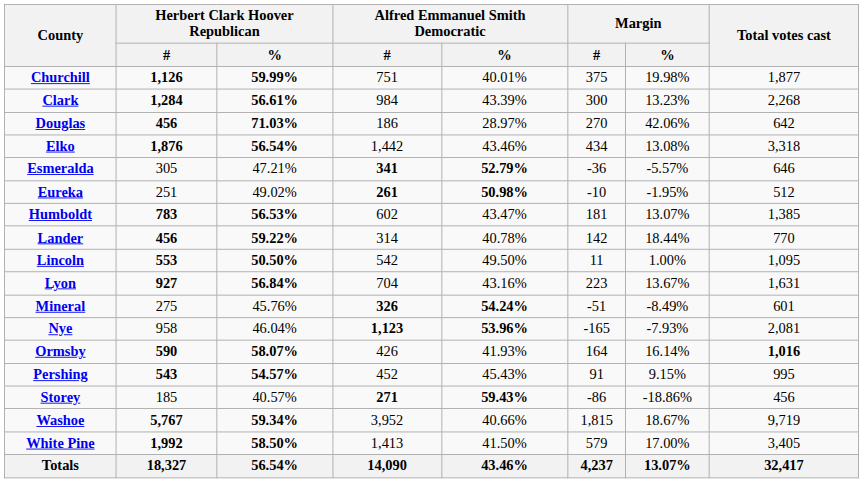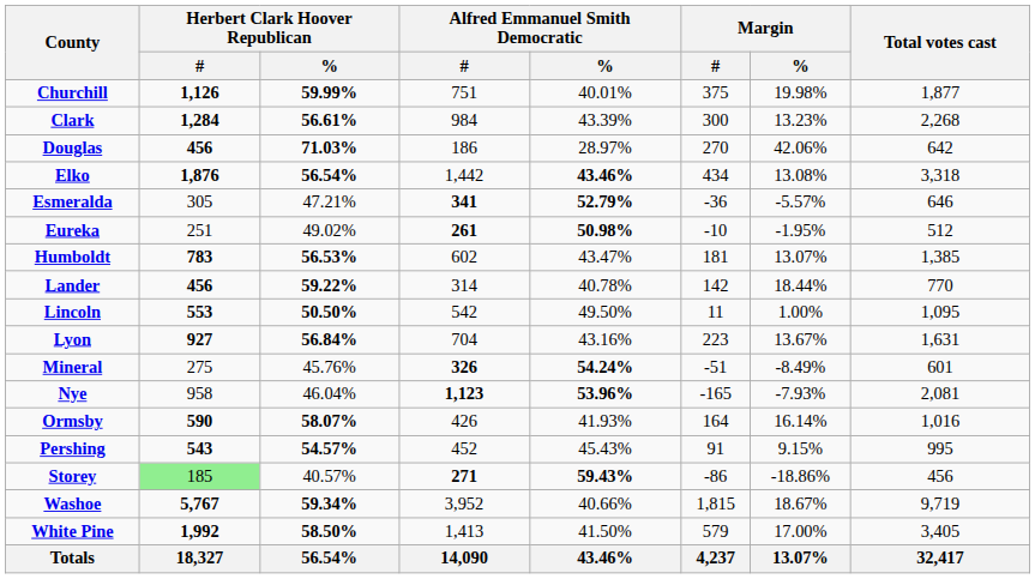 <table class="wikitable sortable" style="text-align:center" width="60%">
 <tr>
 <th rowspan="2" style="text-align:center;">County</th>
 <th colspan="2" style="text-align:center;">Herbert Clark Hoover<br>Republican</th>
 <th colspan="2" style="text-align:center;">Alfred Emmanuel Smith<br>Democratic</th>
 <th colspan="2" style="text-align:center;">Margin</th>
 <th rowspan="2" style="text-align:center;">Total votes cast</th>
 </tr>
 <tr>
 <th style="text-align:center;" data-sort-type="number">#</th>
 <th style="text-align:center;" data-sort-type="number">%</th>
 <th style="text-align:center;" data-sort-type="number">#</th>
 <th style="text-align:center;" data-sort-type="number">%</th>
 <th style="text-align:center;" data-sort-type="number">#</th>
 <th style="text-align:center;" data-sort-type="number">%</th>
 </tr>
 <tr style="text-align:center;">
 <td><strong><a href='#'>Churchill</a></strong></td>
 <td><strong>1,126</strong></td>
 <td><strong>59.99%</strong></td>
 <td>751</td>
 <td>40.01%</td>
 <td>375</td>
 <td>19.98%</td>
 <td>1,877</td>
 </tr>
 <tr style="text-align:center;">
 <td><strong><a href='#'>Clark</a></strong></td>
 <td><strong>1,284</strong></td>
 <td><strong>56.61%</strong></td>
 <td>984</td>
 <td>43.39%</td>
 <td>300</td>
 <td>13.23%</td>
 <td>2,268</td>
 </tr>
 <tr style="text-align:center;">
 <td><strong><a href='#'>Douglas</a></strong></td>
 <td><strong>456</strong></td>
 <td><strong>71.03%</strong></td>
 <td>186</td>
 <td>28.97%</td>
 <td>270</td>
 <td>42.06%</td>
 <td>642</td>
 </tr>
 <tr style="text-align:center;">
 <td><strong><a href='#'>Elko</a></strong></td>
 <td><strong>1,876</strong></td>
 <td><strong>56.54%</strong></td>
 <td>1,442</td>
-<td>43.46%</td>
+<td><strong>43.46%</strong></td>
 <td>434</td>
 <td>13.08%</td>
 <td>3,318</td>
 </tr>
 <tr style="text-align:center;">
 <td><strong><a href='#'>Esmeralda</a></strong></td>
 <td>305</td>
 <td>47.21%</td>
 <td><strong>341</strong></td>
 <td><strong>52.79%</strong></td>
 <td>-36</td>
 <td>-5.57%</td>
 <td>646</td>
 </tr>
 <tr style="text-align:center;">
 <td><strong><a href='#'>Eureka</a></strong></td>
 <td>251</td>
 <td>49.02%</td>
 <td><strong>261</strong></td>
 <td><strong>50.98%</strong></td>
 <td>-10</td>
 <td>-1.95%</td>
 <td>512</td>
 </tr>
 <tr style="text-align:center;">
 <td><strong><a href='#'>Humboldt</a></strong></td>
 <td><strong>783</strong></td>
 <td><strong>56.53%</strong></td>
 <td>602</td>
 <td>43.47%</td>
 <td>181</td>
 <td>13.07%</td>
 <td>1,385</td>
 </tr>
 <tr style="text-align:center;">
 <td><strong><a href='#'>Lander</a></strong></td>
 <td><strong>456</strong></td>
 <td><strong>59.22%</strong></td>
 <td>314</td>
 <td>40.78%</td>
 <td>142</td>
 <td>18.44%</td>
 <td>770</td>
 </tr>
 <tr style="text-align:center;">
 <td><strong><a href='#'>Lincoln</a></strong></td>
 <td><strong>553</strong></td>
 <td><strong>50.50%</strong></td>
 <td>542</td>
 <td>49.50%</td>
 <td>11</td>
 <td>1.00%</td>
 <td>1,095</td>
 </tr>
 <tr style="text-align:center;">
 <td><strong><a href='#'>Lyon</a></strong></td>
 <td><strong>927</strong></td>
 <td><strong>56.84%</strong></td>
 <td>704</td>
 <td>43.16%</td>
 <td>223</td>
 <td>13.67%</td>
 <td>1,631</td>
 </tr>
 <tr style="text-align:center;">
 <td><strong><a href='#'>Mineral</a></strong></td>
 <td>275</td>
 <td>45.76%</td>
 <td><strong>326</strong></td>
 <td><strong>54.24%</strong></td>
 <td>-51</td>
 <td>-8.49%</td>
 <td>601</td>
 </tr>
 <tr style="text-align:center;">
 <td><strong><a href='#'>Nye</a></strong></td>
 <td>958</td>
 <td>46.04%</td>
 <td><strong>1,123</strong></td>
 <td><strong>53.96%</strong></td>
 <td>-165</td>
 <td>-7.93%</td>
 <td>2,081</td>
 </tr>
 <tr style="text-align:center;">
 <td><strong><a href='#'>Ormsby</a></strong></td>
 <td><strong>590</strong></td>
 <td><strong>58.07%</strong></td>
 <td>426</td>
 <td>41.93%</td>
 <td>164</td>
 <td>16.14%</td>
-<td><strong>1,016</strong></td>
+<td>1,016</td>
 </tr>
 <tr style="text-align:center;">
 <td><strong><a href='#'>Pershing</a></strong></td>
 <td><strong>543</strong></td>
 <td><strong>54.57%</strong></td>
 <td>452</td>
 <td>45.43%</td>
 <td>91</td>
 <td>9.15%</td>
 <td>995</td>
 </tr>
 <tr style="text-align:center;">
 <td><strong><a href='#'>Storey</a></strong></td>
-<td>185</td>
+<td style="background: lightgreen;">185</td>
 <td>40.57%</td>
 <td><strong>271</strong></td>
 <td><strong>59.43%</strong></td>
 <td>-86</td>
 <td>-18.86%</td>
 <td>456</td>
 </tr>
 <tr style="text-align:center;">
 <td><strong><a href='#'>Washoe</a></strong></td>
 <td><strong>5,767</strong></td>
 <td><strong>59.34%</strong></td>
 <td>3,952</td>
 <td>40.66%</td>
 <td>1,815</td>
 <td>18.67%</td>
 <td>9,719</td>
 </tr>
 <tr style="text-align:center;">
 <td><strong><a href='#'>White Pine</a></strong></td>
 <td><strong>1,992</strong></td>
 <td><strong>58.50%</strong></td>
 <td>1,413</td>
 <td>41.50%</td>
 <td>579</td>
 <td>17.00%</td>
 <td>3,405</td>
 </tr>
 <tr style="text-align:center;">
 <th>Totals</th>
 <th>18,327</th>
 <th>56.54%</th>
 <th>14,090</th>
 <th>43.46%</th>
 <th>4,237</th>
 <th>13.07%</th>
 <th>32,417</th>
 </tr>
 </table>
